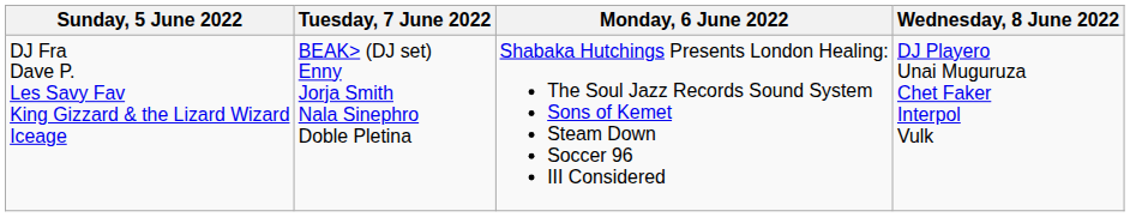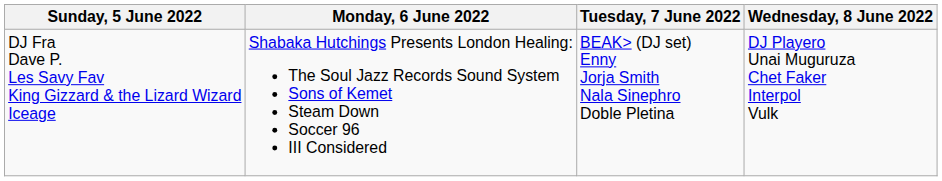 <table class="wikitable">
 <tr>
 <th>Sunday, 5 June 2022</th>
+<th>Monday, 6 June 2022</th>
 <th>Tuesday, 7 June 2022</th>
-<th>Monday, 6 June 2022</th>
 <th>Wednesday, 8 June 2022</th>
 </tr>
 <tr valign="top">
 <td>DJ Fra<br>Dave P.<br><a href='#'>Les Savy Fav</a><br><a href='#'>King Gizzard & the Lizard Wizard</a><br><a href='#'>Iceage</a></td>
+<td><a href='#'>Shabaka Hutchings</a> Presents London Healing:<br><ul><li>The Soul Jazz Records Sound System</li><li><a href='#'>Sons of Kemet</a></li><li>Steam Down</li><li>Soccer 96</li><li>III Considered</li></ul></td>
 <td><a href='#'>BEAK></a> (DJ set)<br><a href='#'>Enny</a><br><a href='#'>Jorja Smith</a><br><a href='#'>Nala Sinephro</a><br>Doble Pletina</td>
-<td><a href='#'>Shabaka Hutchings</a> Presents London Healing:<br><ul><li>The Soul Jazz Records Sound System</li><li><a href='#'>Sons of Kemet</a></li><li>Steam Down</li><li>Soccer 96</li><li>III Considered</li></ul></td>
 <td><a href='#'>DJ Playero</a><br>Unai Muguruza<br><a href='#'>Chet Faker</a><br><a href='#'>Interpol</a><br>Vulk</td>
 </tr>
 </table>
